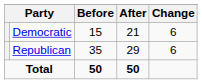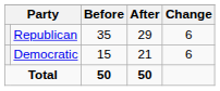 <table class="wikitable" style="text-align:center;">
 <tr>
 </tr>
 <tr>
 <th colspan=2>Party</th>
 <th>Before</th>
 <th>After</th>
 <th>Change</th>
 </tr>
 <tr>
 <th style="background-color:"></th>
-<td style="text-align:left;"><a href='#'>Democratic</a></td>
-<td>15</td>
-<td>21</td>
+<td style="text-align:left;"><a href='#'>Republican</a></td>
+<td>35</td>
+<td>29</td>
 <td> 6</td>
 </tr>
 <tr>
 <th style="background-color:"></th>
-<td style="text-align:left;"><a href='#'>Republican</a></td>
-<td>35</td>
-<td>29</td>
+<td style="text-align:left;"><a href='#'>Democratic</a></td>
+<td>15</td>
+<td>21</td>
 <td> 6</td>
 </tr>
 <tr>
 <td colspan=2><strong>Total</strong></td>
 <td><strong>50</strong></td>
 <td><strong>50</strong></td>
 <td></td>
 </tr>
 </table>
